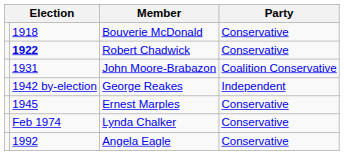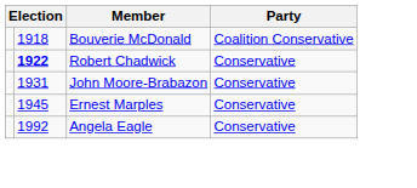 <table class="wikitable">
 <tr>
 <th colspan="2">Election</th>
 <th>Member</th>
 <th>Party</th>
 </tr>
 <tr>
 <td style="color:inherit;background-color: "></td>
 <td><a href='#'>1918</a></td>
 <td><a href='#'>Bouverie McDonald</a></td>
-<td><a href='#'>Conservative</a></td>
+<td><a href='#'>Coalition Conservative</a></td>
 </tr>
 <tr>
 <td style="color:inherit;background-color: "></td>
 <td><strong><a href='#'>1922</a></strong></td>
 <td><a href='#'>Robert Chadwick</a></td>
 <td><a href='#'>Conservative</a></td>
 </tr>
 <tr>
 <td style="color:inherit;background-color: "></td>
 <td><a href='#'>1931</a></td>
 <td><a href='#'>John Moore-Brabazon</a></td>
-<td><a href='#'>Coalition Conservative</a></td>
-</tr>
-<tr>
-<td style="color:inherit;background-color: "></td>
-<td><a href='#'>1942 by-election</a></td>
-<td><a href='#'>George Reakes</a></td>
-<td><a href='#'>Independent</a></td>
+<td><a href='#'>Conservative</a></td>
 </tr>
 <tr>
 <td style="color:inherit;background-color: "></td>
 <td><a href='#'>1945</a></td>
 <td><a href='#'>Ernest Marples</a></td>
 <td><a href='#'>Conservative</a></td>
 </tr>
 <tr>
 <td style="color:inherit;background-color: "></td>
-<td><a href='#'>Feb 1974</a></td>
-<td><a href='#'>Lynda Chalker</a></td>
-<td><a href='#'>Conservative</a></td>
-</tr>
-<tr>
-<td style="color:inherit;background-color: "></td>
 <td><a href='#'>1992</a></td>
 <td><a href='#'>Angela Eagle</a></td>
 <td><a href='#'>Conservative</a></td>
 </tr>
 </table>
